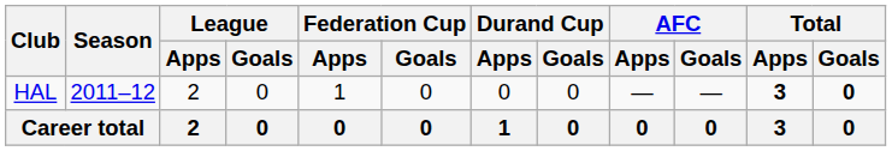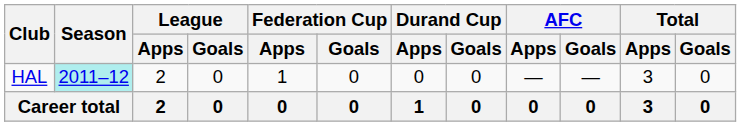 <table class="wikitable" style="font-size:90%; text-align:center;">
 <tr>
 <th rowspan=2>Club</th>
 <th rowspan=2>Season</th>
 <th colspan=2>League</th>
 <th colspan=2>Federation Cup</th>
 <th colspan=2>Durand Cup</th>
 <th colspan=2><a href='#'>AFC</a></th>
 <th colspan=2>Total</th>
 </tr>
 <tr>
 <th>Apps</th>
 <th>Goals</th>
 <th>Apps</th>
 <th>Goals</th>
 <th>Apps</th>
 <th>Goals</th>
 <th>Apps</th>
 <th>Goals</th>
 <th>Apps</th>
 <th>Goals</th>
 </tr>
 <tr>
 <td rowspan=1><a href='#'>HAL</a></td>
-<td><a href='#'>2011–12</a></td>
+<td style="background: paleturquoise;"><a href='#'>2011–12</a></td>
 <td>2</td>
 <td>0</td>
 <td>1</td>
 <td>0</td>
 <td>0</td>
 <td>0</td>
 <td>—</td>
 <td>—</td>
-<td><strong>3</strong></td>
-<td><strong>0</strong></td>
+<td>3</td>
+<td>0</td>
 </tr>
 <tr>
 <th colspan=2>Career total</th>
 <th>2</th>
 <th>0</th>
 <th>0</th>
 <th>0</th>
 <th>1</th>
 <th>0</th>
 <th>0</th>
 <th>0</th>
 <th>3</th>
 <th>0</th>
 </tr>
 </table>
